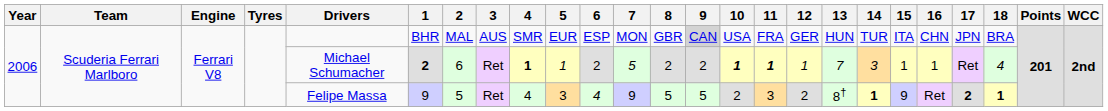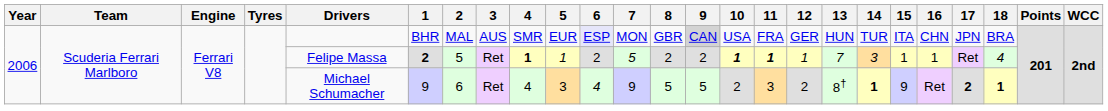 <table class="wikitable" style="text-align:center; font-size:95%">
 <tr>
 <th>Year</th>
 <th>Team</th>
 <th>Engine</th>
 <th>Tyres</th>
 <th>Drivers</th>
 <th>1</th>
 <th>2</th>
 <th>3</th>
 <th>4</th>
 <th>5</th>
 <th>6</th>
 <th>7</th>
 <th>8</th>
 <th>9</th>
 <th>10</th>
 <th>11</th>
 <th>12</th>
 <th>13</th>
 <th>14</th>
 <th>15</th>
 <th>16</th>
 <th>17</th>
 <th>18</th>
 <th>Points</th>
 <th>WCC</th>
 </tr>
 <tr>
 <td rowspan="3"><a href='#'>2006</a></td>
 <td rowspan="3"><a href='#'>Scuderia Ferrari Marlboro</a></td>
 <td rowspan="3"><a href='#'>Ferrari</a> <a href='#'>V8</a></td>
 <td rowspan="3"></td>
 <td></td>
 <td><a href='#'>BHR</a></td>
 <td><a href='#'>MAL</a></td>
 <td><a href='#'>AUS</a></td>
 <td><a href='#'>SMR</a></td>
 <td><a href='#'>EUR</a></td>
-<td><a href='#'>ESP</a></td>
+<td style="background: lavender;"><a href='#'>ESP</a></td>
 <td><a href='#'>MON</a></td>
 <td><a href='#'>GBR</a></td>
 <td style="background: lightgrey;"><a href='#'>CAN</a></td>
 <td><a href='#'>USA</a></td>
 <td><a href='#'>FRA</a></td>
 <td><a href='#'>GER</a></td>
 <td><a href='#'>HUN</a></td>
 <td><a href='#'>TUR</a></td>
 <td><a href='#'>ITA</a></td>
 <td><a href='#'>CHN</a></td>
 <td><a href='#'>JPN</a></td>
 <td><a href='#'>BRA</a></td>
 <td rowspan="3" style="background:#dfdfdf;"><strong>201</strong></td>
 <td rowspan="3" style="background:#dfdfdf;"><strong>2nd</strong></td>
 </tr>
 <tr>
-<td> <a href='#'>Michael Schumacher</a></td>
+<td> <a href='#'>Felipe Massa</a></td>
 <td style="background:#dfdfdf;"><strong>2</strong></td>
-<td style="background:#DFFFDF;">6</td>
+<td style="background:#DFFFDF;">5</td>
 <td style="background:#EFCFFF;">Ret</td>
 <td style="background:#FFFFBF;"><strong>1</strong></td>
 <td style="background:#ffffbf;"><em>1</em></td>
 <td style="background:#dfdfdf;">2</td>
 <td style="background:#DFFFDF;"><em>5</em></td>
 <td style="background:#dfdfdf;">2</td>
 <td style="background:#dfdfdf;">2</td>
 <td style="background:#FFFFBF;"><strong><em>1</em></strong></td>
 <td style="background:#ffffbf;"><strong><em>1</em></strong></td>
 <td style="background:#FFFFBF;"><em>1</em></td>
 <td style="background:#DFFFDF;"><em>7</em></td>
 <td style="background:#FFDF9F;"><em>3</em></td>
 <td style="background:#FFFFBF;">1</td>
 <td style="background:#FFFFBF;">1</td>
 <td style="background:#EFCFFF;">Ret</td>
 <td style="background:#DFFFDF;"><em>4</em></td>
 </tr>
 <tr>
-<td> <a href='#'>Felipe Massa</a></td>
+<td> <a href='#'>Michael Schumacher</a></td>
 <td style="background:#CFCFFF;">9</td>
-<td style="background:#DFFFDF;">5</td>
+<td style="background:#DFFFDF;">6</td>
 <td style="background:#EFCFFF;">Ret</td>
 <td style="background:#DFFFDF;">4</td>
 <td style="background:#FFDF9F;">3</td>
 <td style="background:#DFFFDF;"><em>4</em></td>
 <td style="background:#CFCFFF;">9</td>
 <td style="background:#DFFFDF;">5</td>
 <td style="background:#DFFFDF;">5</td>
 <td style="background:#dfdfdf;">2</td>
 <td style="background:#FFDF9F;">3</td>
 <td style="background:#dfdfdf;">2</td>
 <td style="background:#DFFFDF;">8<sup>†</sup></td>
 <td style="background:#FFFFBF;"><strong>1</strong></td>
 <td style="background:#CFCFFF;">9</td>
 <td style="background:#EFCFFF;">Ret</td>
 <td style="background:#DFdFDF;"><strong>2</strong></td>
 <td style="background:#FFFFBF;"><strong>1</strong></td>
 </tr>
 </table>
